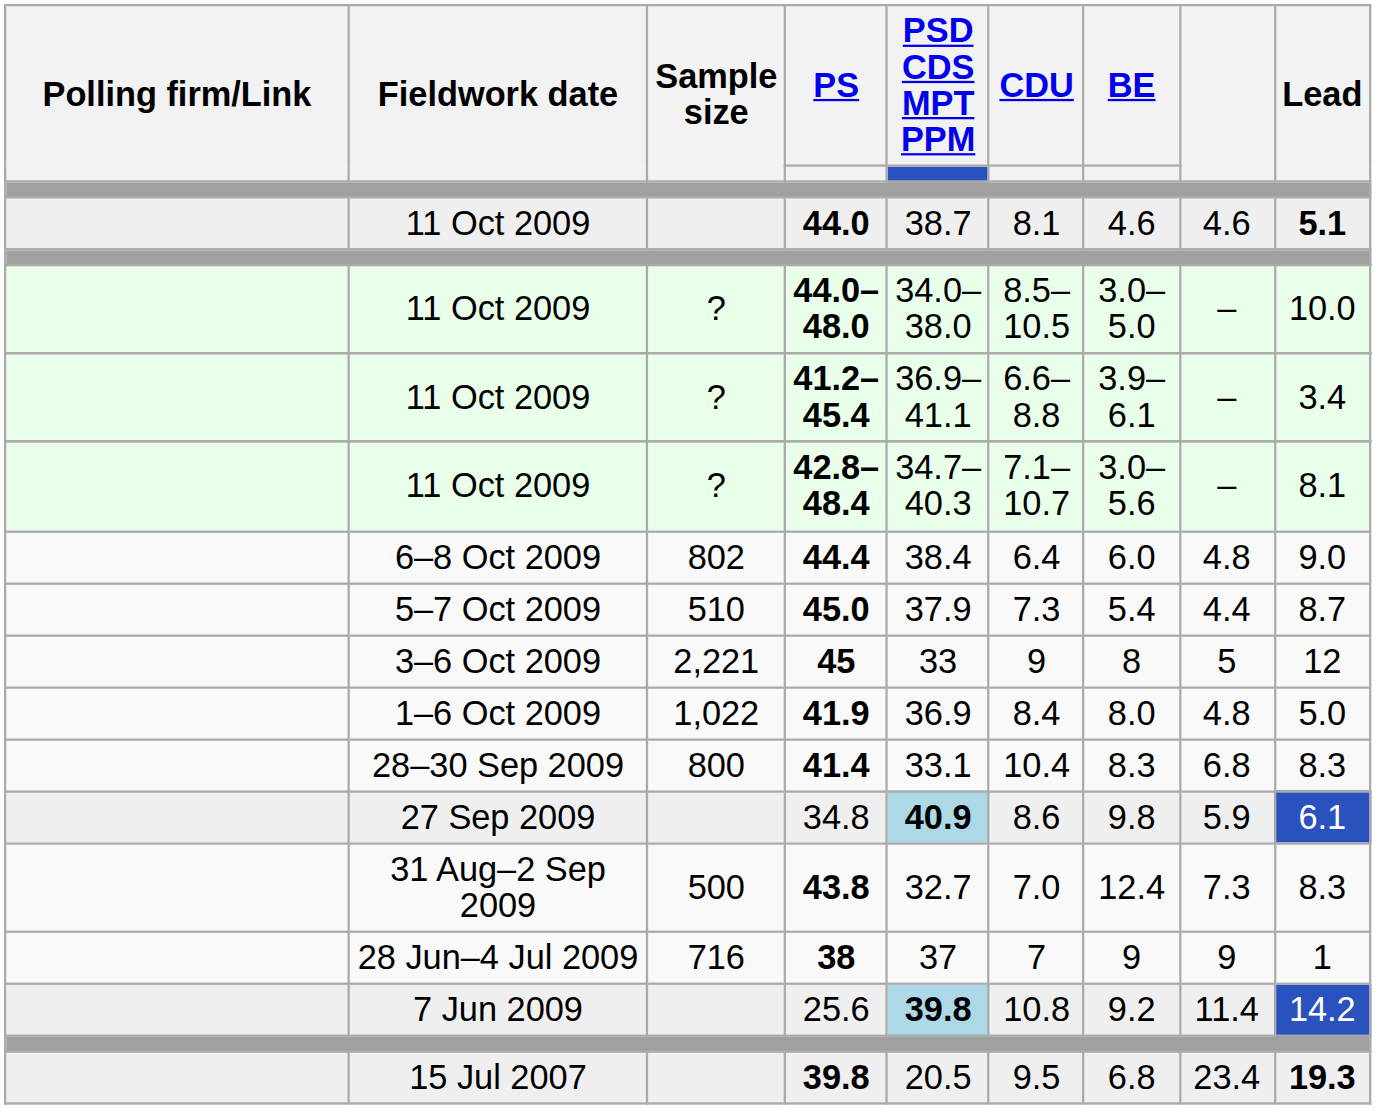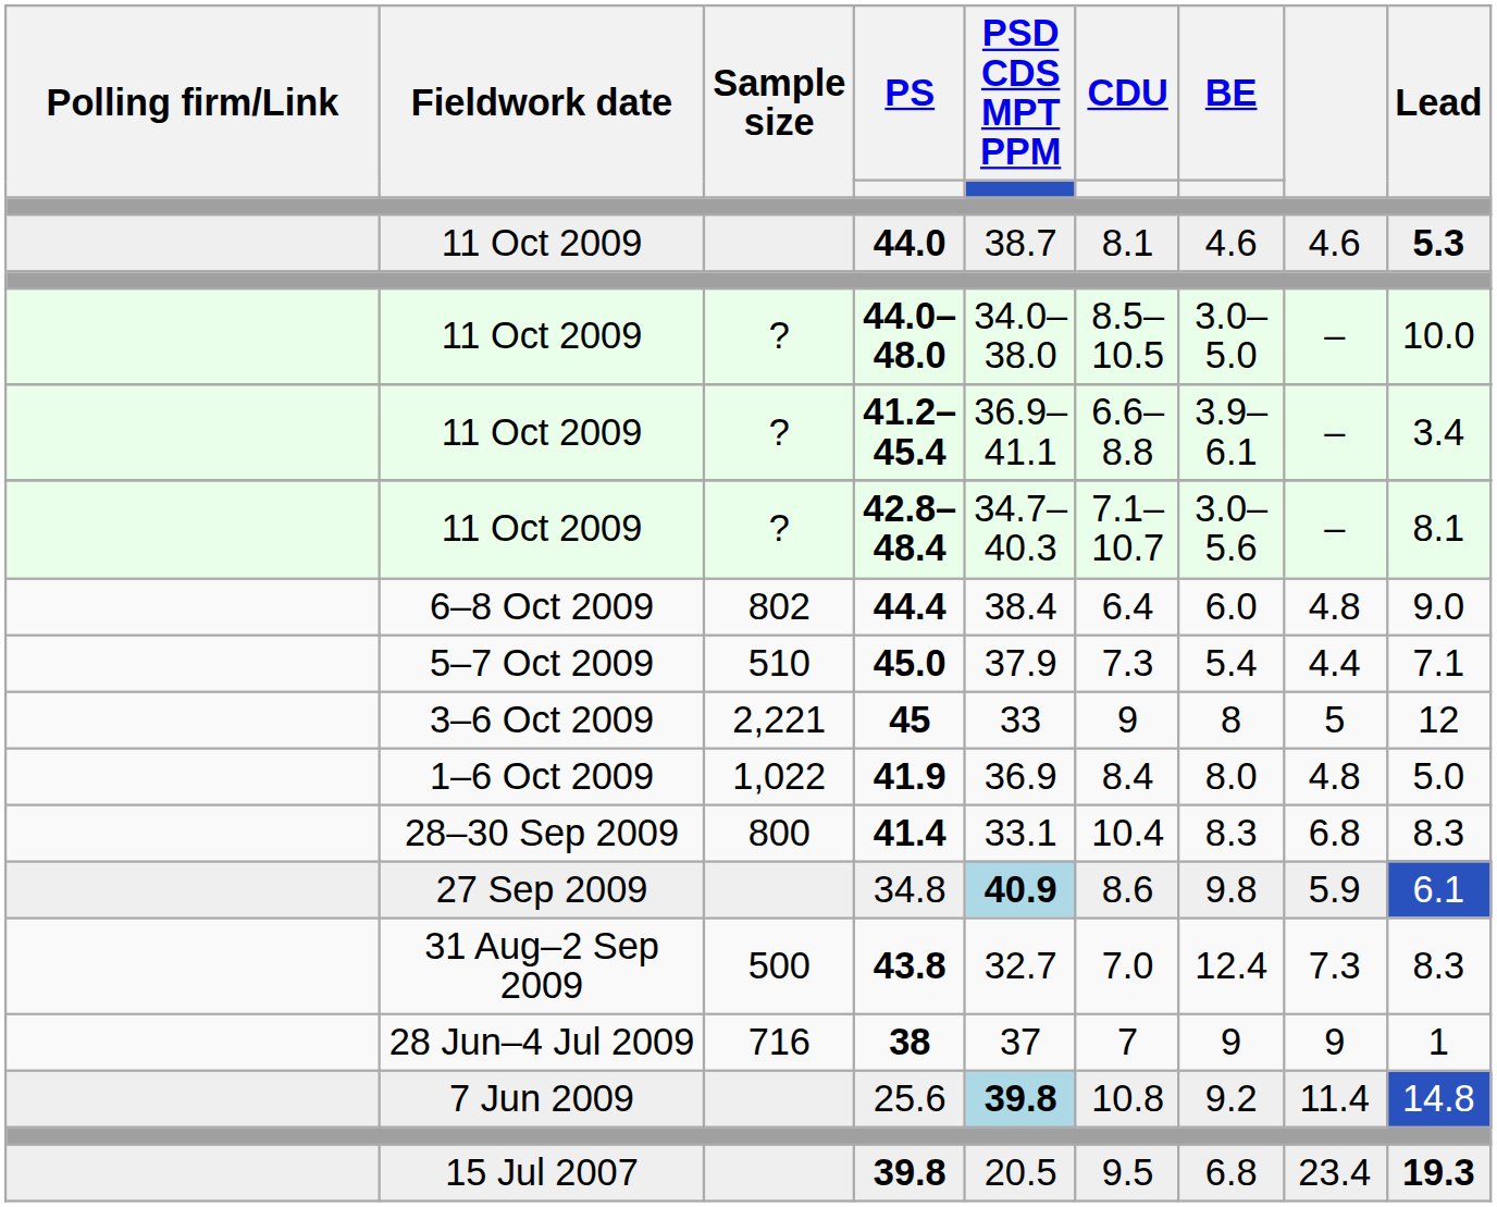 <table class="wikitable collapsible sortable" style="text-align:center; font-size:95%; line-height:16px;">
 <tr style="height:42px;">
 <th style="width:145px;" rowspan="2">Polling firm/Link</th>
 <th style="width:125px;" rowspan="2">Fieldwork date</th>
 <th class="unsortable" style="width:50px;" rowspan="2">Sample size</th>
 <th class="unsortable" style="width:36px;"><a href='#'>PS</a></th>
 <th class="unsortable" style="width:35px;"><a href='#'>PSD</a><br><a href='#'>CDS</a><br><a href='#'>MPT</a><br><a href='#'>PPM</a></th>
 <th class="unsortable" style="width:35px;"><a href='#'>CDU</a></th>
 <th class="unsortable" style="width:35px;"><a href='#'>BE</a></th>
 <th class="unsortable" style="width:35px;" rowspan="2"></th>
 <th class="unsortable" style="width:30px;" rowspan="2">Lead</th>
 </tr>
 <tr>
 <th class="unsortable" style="color:inherit;background:"></th>
 <th class="unsortable" style="color:inherit;background:#2A52BE;"></th>
 <th class="unsortable" style="color:inherit;background:"></th>
 <th class="unsortable" style="color:inherit;background:"></th>
 </tr>
 <tr>
 <td colspan="12" style="background:#A0A0A0"></td>
 </tr>
 <tr style="background:#EFEFEF;">
 <td><strong></strong></td>
 <td data-sort-value="2019-10-06">11 Oct 2009</td>
 <td></td>
 <td><strong>44.0</strong><br></td>
 <td>38.7<br></td>
 <td>8.1<br></td>
 <td>4.6<br></td>
 <td>4.6<br></td>
-<td style="background:"><strong>5.1</strong></td>
+<td style="background:"><strong>5.3</strong></td>
 </tr>
 <tr>
 <td colspan="12" style="background:#A0A0A0"></td>
 </tr>
 <tr>
 </tr>
 <tr style="background:#EAFFEA"|>
 <td></td>
 <td data-sort-value="2019-10-06">11 Oct 2009</td>
 <td>?</td>
 <td><strong>44.0–<br>48.0</strong><br></td>
 <td>34.0–<br>38.0<br></td>
 <td>8.5–<br>10.5<br></td>
 <td>3.0–<br>5.0<br></td>
 <td>–</td>
 <td style="background:">10.0</td>
 </tr>
 <tr>
 </tr>
 <tr style="background:#EAFFEA"|>
 <td></td>
 <td data-sort-value="2019-10-06">11 Oct 2009</td>
 <td>?</td>
 <td><strong>41.2–<br>45.4</strong></td>
 <td>36.9–<br>41.1</td>
 <td>6.6–<br>8.8</td>
 <td>3.9–<br>6.1</td>
 <td>–</td>
 <td style="background:">3.4</td>
 </tr>
 <tr>
 </tr>
 <tr style="background:#EAFFEA"|>
 <td></td>
 <td data-sort-value="2019-10-06">11 Oct 2009</td>
 <td>?</td>
 <td><strong>42.8–<br>48.4</strong></td>
 <td>34.7–<br>40.3</td>
 <td>7.1–<br>10.7</td>
 <td>3.0–<br>5.6</td>
 <td>–</td>
 <td style="background:">8.1</td>
 </tr>
 <tr>
 <td align="center"></td>
 <td align="center">6–8 Oct 2009</td>
 <td>802</td>
 <td align="center" ><strong>44.4</strong></td>
 <td align="center">38.4</td>
 <td align="center">6.4</td>
 <td align="center">6.0</td>
 <td align="center">4.8</td>
 <td style="background:">9.0</td>
 </tr>
 <tr>
 <td align="center"></td>
 <td align="center">5–7 Oct 2009</td>
 <td>510</td>
 <td align="center" ><strong>45.0</strong></td>
 <td align="center">37.9</td>
 <td align="center">7.3</td>
 <td align="center">5.4</td>
 <td align="center">4.4</td>
-<td style="background:">8.7</td>
+<td style="background:">7.1</td>
 </tr>
 <tr>
 <td align="center"></td>
 <td align="center">3–6 Oct 2009</td>
 <td>2,221</td>
 <td align="center" ><strong>45</strong></td>
 <td align="center">33</td>
 <td align="center">9</td>
 <td align="center">8</td>
 <td align="center">5</td>
 <td style="background:">12</td>
 </tr>
 <tr>
 <td align="center"></td>
 <td align="center">1–6 Oct 2009</td>
 <td>1,022</td>
 <td align="center" ><strong>41.9</strong></td>
 <td align="center">36.9</td>
 <td align="center">8.4</td>
 <td align="center">8.0</td>
 <td align="center">4.8</td>
 <td style="background:">5.0</td>
 </tr>
 <tr>
 <td align="center"></td>
 <td align="center">28–30 Sep 2009</td>
 <td>800</td>
 <td align="center" ><strong>41.4</strong></td>
 <td align="center">33.1</td>
 <td align="center">10.4</td>
 <td align="center">8.3</td>
 <td align="center">6.8</td>
 <td style="background:">8.3</td>
 </tr>
 <tr style="background:#EFEFEF;">
 <td><strong></strong></td>
 <td>27 Sep 2009</td>
 <td></td>
 <td>34.8<br></td>
 <td style="background:lightblue;"><strong>40.9</strong><br></td>
 <td>8.6<br></td>
 <td>9.8<br></td>
 <td>5.9<br></td>
 <td style="background:#2A52BE; color:white;">6.1</td>
 </tr>
 <tr>
 <td align="center"></td>
 <td align="center">31 Aug–2 Sep 2009</td>
 <td>500</td>
 <td align="center" ><strong>43.8</strong></td>
 <td align="center">32.7</td>
 <td align="center">7.0</td>
 <td>12.4<br></td>
 <td align="center">7.3</td>
 <td style="background:">8.3</td>
 </tr>
 <tr>
 <td align="center"></td>
 <td align="center">28 Jun–4 Jul 2009</td>
 <td>716</td>
 <td align="center" ><strong>38</strong></td>
 <td align="center">37</td>
 <td align="center">7</td>
 <td align="center">9</td>
 <td align="center">9</td>
 <td style="background:">1</td>
 </tr>
 <tr style="background:#EFEFEF;">
 <td><strong></strong></td>
 <td>7 Jun 2009</td>
 <td></td>
 <td>25.6<br></td>
 <td style="background:lightblue;"><strong>39.8</strong><br></td>
 <td>10.8<br></td>
 <td align="center">9.2</td>
 <td>11.4<br></td>
-<td style="background:#2A52BE; color:white;">14.2</td>
+<td style="background:#2A52BE; color:white;">14.8</td>
 </tr>
 <tr>
 <td colspan="11" style="background:#A0A0A0"></td>
 </tr>
 <tr style="background:#EFEFEF;">
 <td><strong></strong></td>
 <td data-sort-value="2019-10-06">15 Jul 2007</td>
 <td></td>
 <td><strong>39.8</strong><br></td>
 <td>20.5<br></td>
 <td>9.5<br></td>
 <td>6.8<br></td>
 <td>23.4<br></td>
 <td style="background:"><strong>19.3</strong></td>
 </tr>
 </table>
